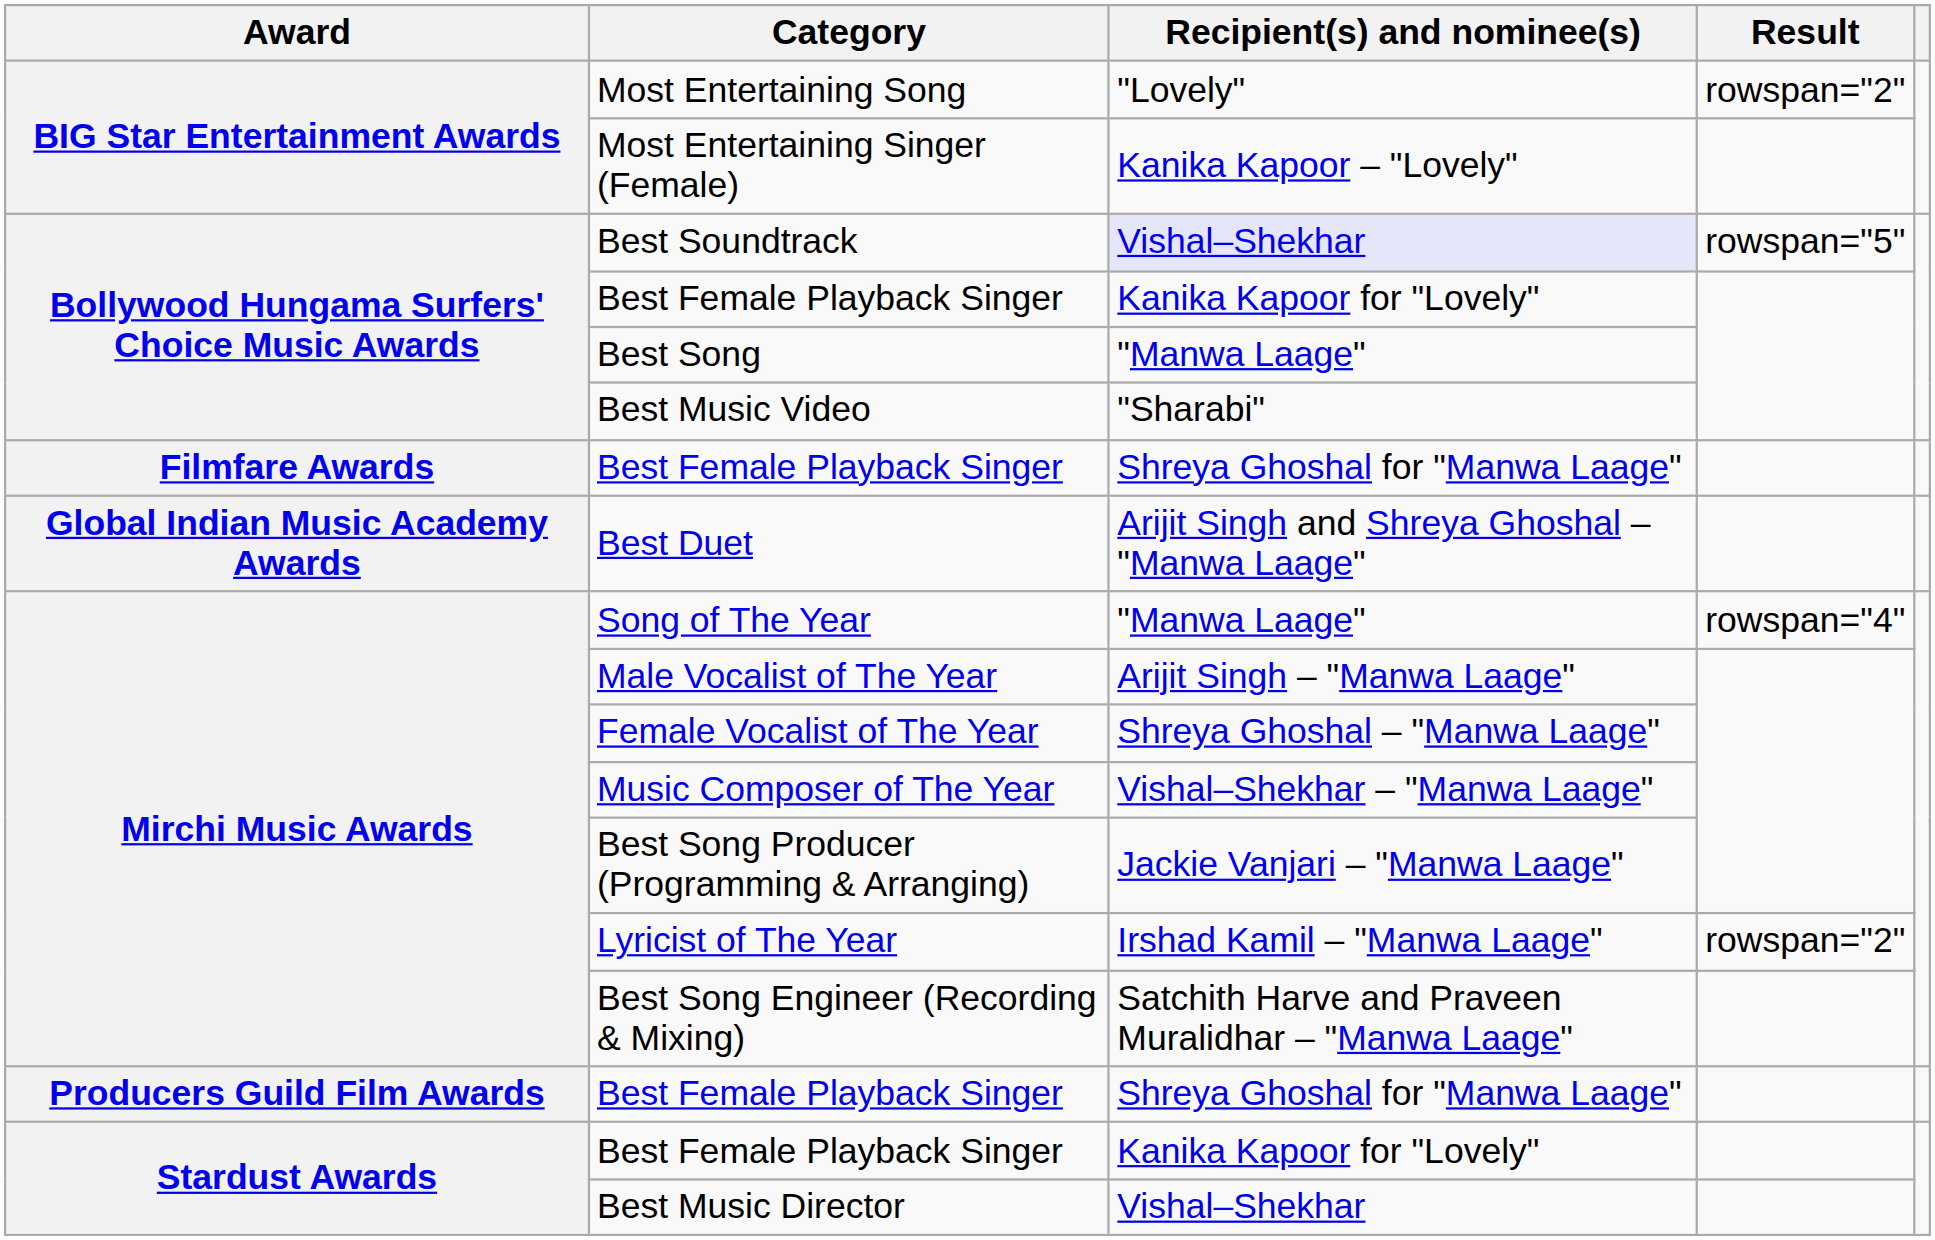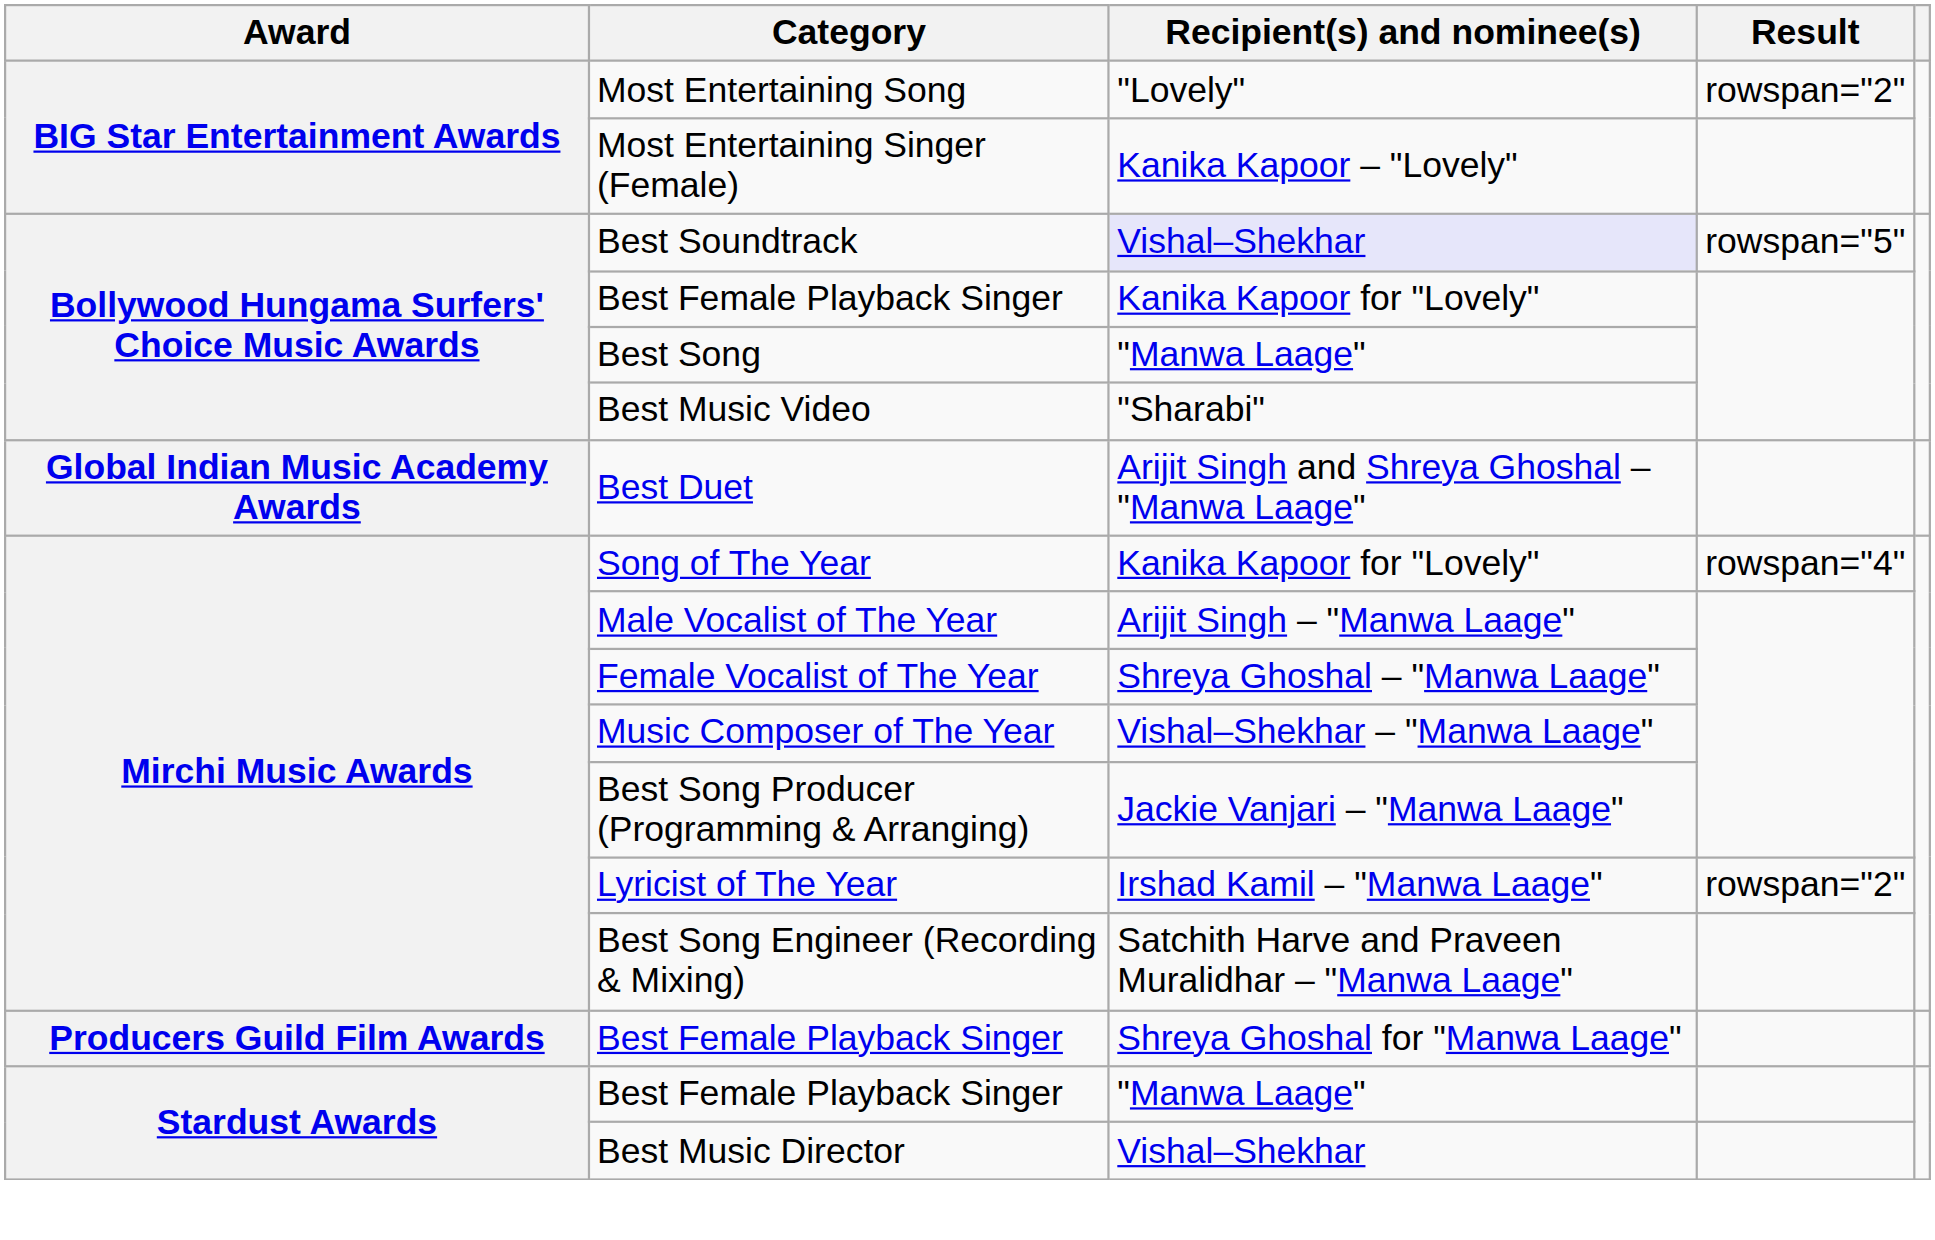 <table class="wikitable plainrowheaders sortable">
 <tr>
 <th scope="col">Award</th>
 <th scope="col">Category</th>
 <th scope="col">Recipient(s) and nominee(s)</th>
 <th scope="col">Result</th>
 <th scope="col" class="unsortable"></th>
 </tr>
 <tr>
 <th scope="row" rowspan="2"><a href='#'>BIG Star Entertainment Awards</a></th>
 <td>Most Entertaining Song</td>
 <td>"Lovely"</td>
 <td>rowspan="2" </td>
 <td rowspan="2" align="center"></td>
 </tr>
 <tr>
 <td>Most Entertaining Singer (Female)</td>
 <td><a href='#'>Kanika Kapoor</a> – "Lovely"</td>
 </tr>
 <tr>
 <th scope="row" rowspan="4"><a href='#'>Bollywood Hungama Surfers' Choice Music Awards</a></th>
 <td>Best Soundtrack</td>
 <td style="background: lavender;"><a href='#'>Vishal–Shekhar</a></td>
 <td>rowspan="5" </td>
 <td rowspan="4" align="center"></td>
 </tr>
 <tr>
 <td>Best Female Playback Singer</td>
 <td><a href='#'>Kanika Kapoor</a> for "Lovely"</td>
 </tr>
 <tr>
 <td>Best Song</td>
 <td>"<a href='#'>Manwa Laage</a>"</td>
 </tr>
 <tr>
 <td>Best Music Video</td>
 <td>"Sharabi"</td>
 </tr>
 <tr>
-<th scope="row"><a href='#'>Filmfare Awards</a></th>
-<td><a href='#'>Best Female Playback Singer</a></td>
-<td><a href='#'>Shreya Ghoshal</a> for "<a href='#'>Manwa Laage</a>"</td>
-<td></td>
-<td align="center"><br></td>
-</tr>
-<tr>
 <th scope="row"><a href='#'>Global Indian Music Academy Awards</a></th>
 <td><a href='#'>Best Duet</a></td>
 <td><a href='#'>Arijit Singh</a> and <a href='#'>Shreya Ghoshal</a> – "<a href='#'>Manwa Laage</a>"</td>
 <td></td>
 <td align="center"><br></td>
 </tr>
 <tr>
 <th scope="row" rowspan=7><a href='#'>Mirchi Music Awards</a></th>
 <td><a href='#'>Song of The Year</a></td>
-<td>"<a href='#'>Manwa Laage</a>"</td>
+<td><a href='#'>Kanika Kapoor</a> for "Lovely"</td>
 <td>rowspan="4" </td>
 <td rowspan="7" align="center"><br></td>
 </tr>
 <tr>
 <td><a href='#'>Male Vocalist of The Year</a></td>
 <td><a href='#'>Arijit Singh</a> – "<a href='#'>Manwa Laage</a>"</td>
 </tr>
 <tr>
 <td><a href='#'>Female Vocalist of The Year</a></td>
 <td><a href='#'>Shreya Ghoshal</a> – "<a href='#'>Manwa Laage</a>"</td>
 </tr>
 <tr>
 <td><a href='#'>Music Composer of The Year</a></td>
 <td><a href='#'>Vishal–Shekhar</a> – "<a href='#'>Manwa Laage</a>"</td>
 </tr>
 <tr>
 <td>Best Song Producer (Programming & Arranging)</td>
 <td><a href='#'>Jackie Vanjari</a> – "<a href='#'>Manwa Laage</a>"</td>
 </tr>
 <tr>
 <td><a href='#'>Lyricist of The Year</a></td>
 <td><a href='#'>Irshad Kamil</a> – "<a href='#'>Manwa Laage</a>"</td>
 <td>rowspan="2" </td>
 </tr>
 <tr>
 <td>Best Song Engineer (Recording & Mixing)</td>
 <td>Satchith Harve and Praveen Muralidhar – "<a href='#'>Manwa Laage</a>"</td>
 </tr>
 <tr>
 <th scope="row"><a href='#'>Producers Guild Film Awards</a></th>
 <td><a href='#'>Best Female Playback Singer</a></td>
 <td><a href='#'>Shreya Ghoshal</a> for "<a href='#'>Manwa Laage</a>"</td>
 <td></td>
 <td align="center"><br></td>
 </tr>
 <tr>
 <th scope="row" rowspan="2"><a href='#'>Stardust Awards</a></th>
 <td>Best Female Playback Singer</td>
-<td><a href='#'>Kanika Kapoor</a> for "Lovely"</td>
+<td>"<a href='#'>Manwa Laage</a>"</td>
 <td></td>
 <td rowspan="2" align="center"><br><br></td>
 </tr>
 <tr>
 <td>Best Music Director</td>
 <td><a href='#'>Vishal–Shekhar</a></td>
 <td></td>
 </tr>
 </table>
